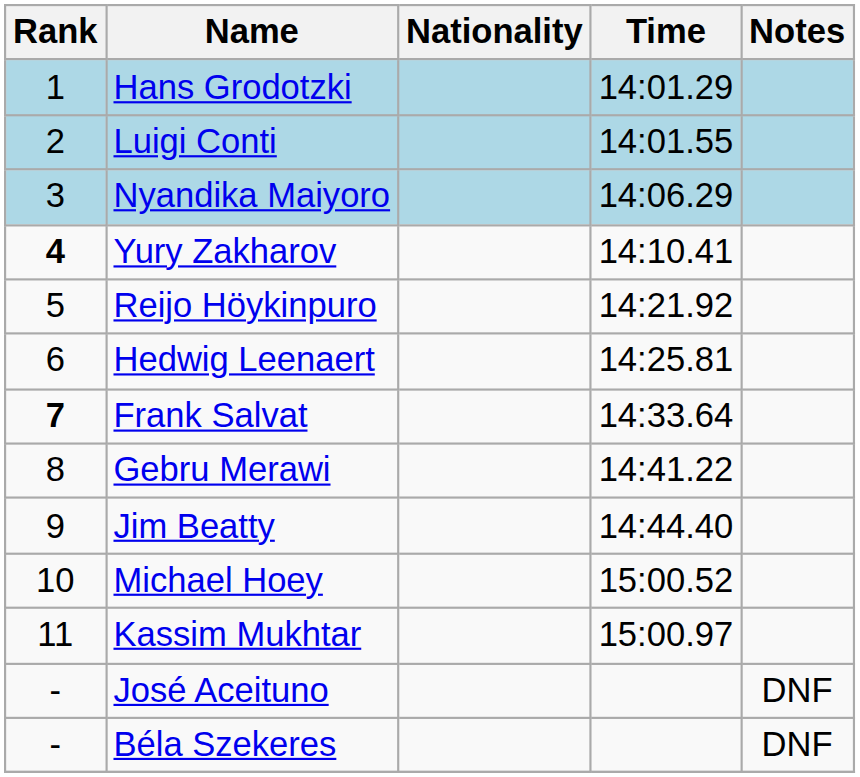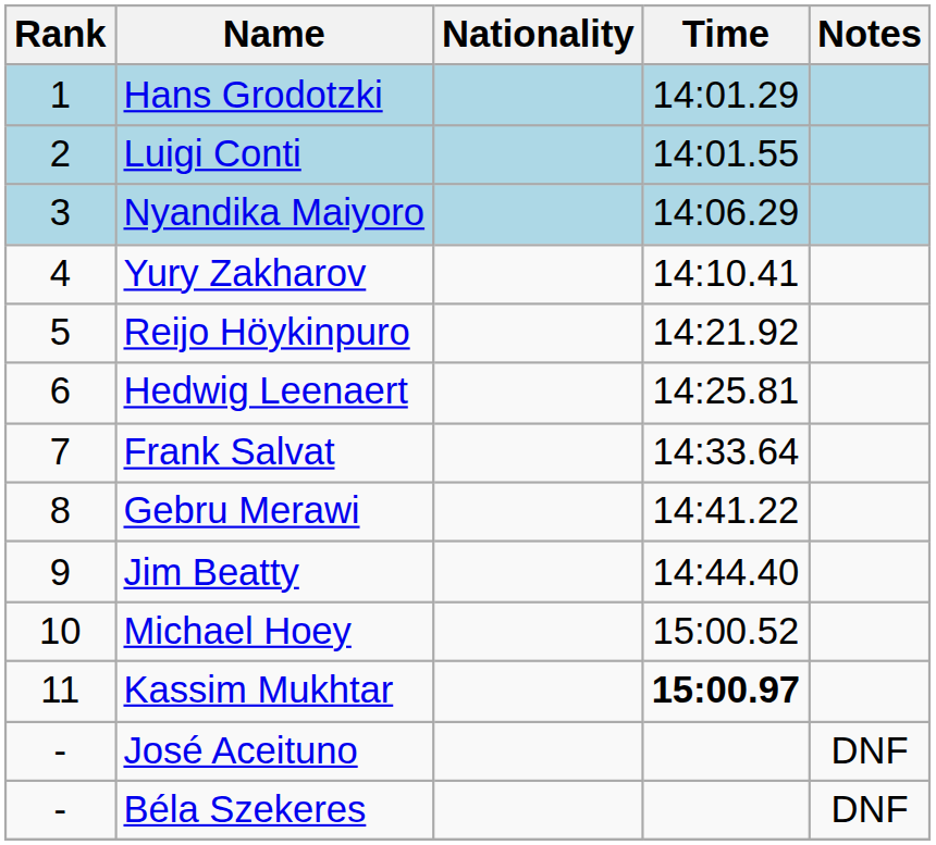 <table class="wikitable sortable" style="text-align:center">
 <tr>
 <th>Rank</th>
 <th>Name</th>
 <th>Nationality</th>
 <th>Time</th>
 <th>Notes</th>
 </tr>
 <tr bgcolor=lightblue>
 <td>1</td>
 <td align=left><a href='#'>Hans Grodotzki</a></td>
 <td align=left></td>
 <td>14:01.29</td>
 <td></td>
 </tr>
 <tr bgcolor=lightblue>
 <td>2</td>
 <td align=left><a href='#'>Luigi Conti</a></td>
 <td align=left></td>
 <td>14:01.55</td>
 <td></td>
 </tr>
 <tr bgcolor=lightblue>
 <td>3</td>
 <td align=left><a href='#'>Nyandika Maiyoro</a></td>
 <td align=left></td>
 <td>14:06.29</td>
 <td></td>
 </tr>
 <tr>
-<td><strong>4</strong></td>
+<td>4</td>
 <td align=left><a href='#'>Yury Zakharov</a></td>
 <td align=left></td>
 <td>14:10.41</td>
 <td></td>
 </tr>
 <tr>
 <td>5</td>
 <td align=left><a href='#'>Reijo Höykinpuro</a></td>
 <td align=left></td>
 <td>14:21.92</td>
 <td></td>
 </tr>
 <tr>
 <td>6</td>
 <td align=left><a href='#'>Hedwig Leenaert</a></td>
 <td align=left></td>
 <td>14:25.81</td>
 <td></td>
 </tr>
 <tr>
-<td><strong>7</strong></td>
+<td>7</td>
 <td align=left><a href='#'>Frank Salvat</a></td>
 <td align=left></td>
 <td>14:33.64</td>
 <td></td>
 </tr>
 <tr>
 <td>8</td>
 <td align=left><a href='#'>Gebru Merawi</a></td>
 <td align="left"></td>
 <td>14:41.22</td>
 <td></td>
 </tr>
 <tr>
 <td>9</td>
 <td align=left><a href='#'>Jim Beatty</a></td>
 <td align=left></td>
 <td>14:44.40</td>
 <td></td>
 </tr>
 <tr>
 <td>10</td>
 <td align=left><a href='#'>Michael Hoey</a></td>
 <td align=left></td>
 <td>15:00.52</td>
 <td></td>
 </tr>
 <tr>
 <td>11</td>
 <td align=left><a href='#'>Kassim Mukhtar</a></td>
 <td align=left></td>
-<td>15:00.97</td>
+<td><strong>15:00.97</strong></td>
 <td></td>
 </tr>
 <tr>
 <td>-</td>
 <td align=left><a href='#'>José Aceituno</a></td>
 <td align=left></td>
 <td></td>
 <td>DNF</td>
 </tr>
 <tr>
 <td>-</td>
 <td align=left><a href='#'>Béla Szekeres</a></td>
 <td align=left></td>
 <td></td>
 <td>DNF</td>
 </tr>
 <tr>
 </tr>
 </table>
